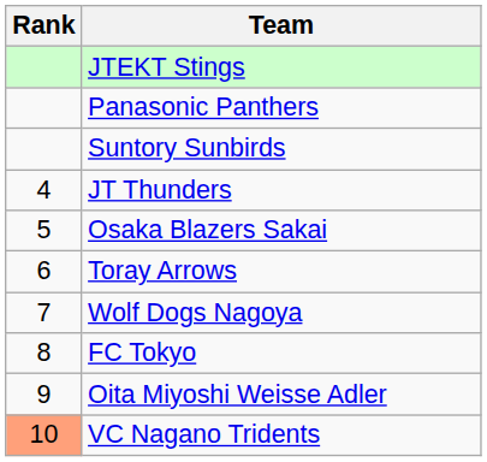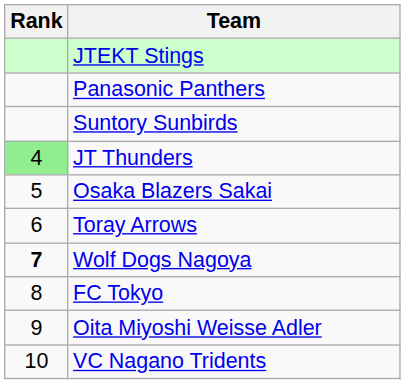 <table class="wikitable" style="text-align: center;">
 <tr>
 <th width=40>Rank</th>
 <th width=240>Team</th>
 </tr>
 <tr align=center bgcolor=#ccffcc>
 <td></td>
 <td style="text-align:left;"><a href='#'>JTEKT Stings</a></td>
 </tr>
 <tr align=center>
 <td></td>
 <td style="text-align:left;"><a href='#'>Panasonic Panthers</a></td>
 </tr>
 <tr align=center>
 <td></td>
 <td style="text-align:left;"><a href='#'>Suntory Sunbirds</a></td>
 </tr>
 <tr align=center>
-<td>4</td>
+<td style="background: lightgreen;">4</td>
 <td style="text-align:left;"><a href='#'>JT Thunders</a></td>
 </tr>
 <tr align=center>
 <td>5</td>
 <td style="text-align:left;"><a href='#'>Osaka Blazers Sakai</a></td>
 </tr>
 <tr align=center>
 <td>6</td>
 <td style="text-align:left;"><a href='#'>Toray Arrows</a></td>
 </tr>
 <tr align=center>
-<td>7</td>
+<td><strong>7</strong></td>
 <td style="text-align:left;"><a href='#'>Wolf Dogs Nagoya</a></td>
 </tr>
 <tr align=center>
 <td>8</td>
 <td style="text-align:left;"><a href='#'>FC Tokyo</a></td>
 </tr>
 <tr align=center>
 <td>9</td>
 <td style="text-align:left;"><a href='#'>Oita Miyoshi Weisse Adler</a></td>
 </tr>
 <tr align=center>
-<td style="background: lightsalmon;">10</td>
+<td>10</td>
 <td style="text-align:left;"><a href='#'>VC Nagano Tridents</a></td>
 </tr>
 </table>
